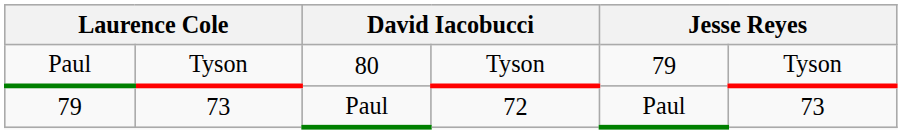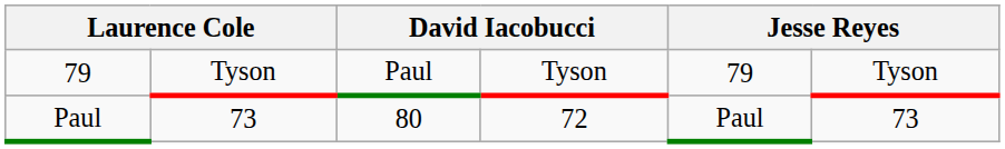 <table class="wikitable" style="text-align:center; font-size: 95%">
 <tr>
 <th colspan="2" style="width:20%">Laurence Cole</th>
 <th colspan="2" style="width:20%">David Iacobucci</th>
 <th colspan="2" style="width:20%">Jesse Reyes</th>
 </tr>
 <tr>
+<td>79</td>
+<td style="border-bottom:3px solid red;">Tyson</td>
 <td style="border-bottom:3px solid green;">Paul</td>
-<td style="border-bottom:3px solid red;">Tyson</td>
-<td>80</td>
 <td style="border-bottom:3px solid red;">Tyson</td>
 <td>79</td>
 <td style="border-bottom:3px solid red;">Tyson</td>
 </tr>
 <tr>
-<td>79</td>
+<td style="border-bottom:3px solid green;">Paul</td>
 <td>73</td>
-<td style="border-bottom:3px solid green;">Paul</td>
+<td>80</td>
 <td>72</td>
 <td style="border-bottom:3px solid green;">Paul</td>
 <td>73</td>
 </tr>
 </table>
